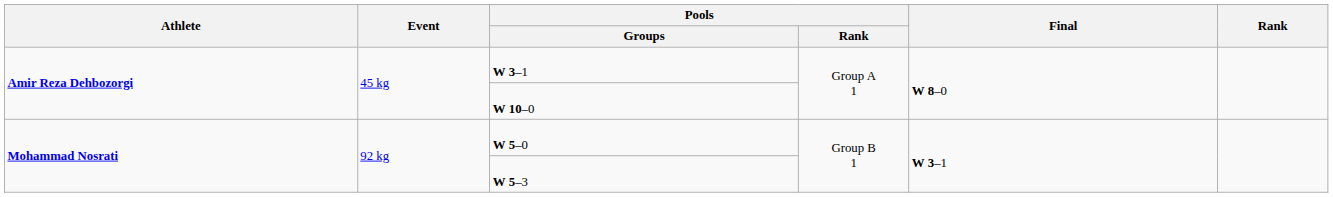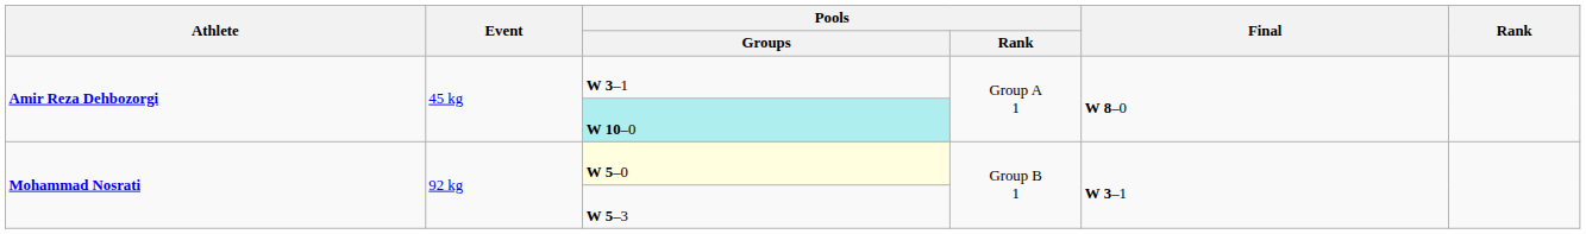 <table class="wikitable" width="75%" style="text-align:left; font-size:90%">
 <tr>
 <th rowspan="2" width="16%">Athlete</th>
 <th rowspan="2" width="6%">Event</th>
 <th colspan="2">Pools</th>
 <th rowspan="2" width="14%">Final</th>
 <th rowspan="2" width="5%">Rank</th>
 </tr>
 <tr>
 <th width="14%">Groups</th>
 <th width="5%">Rank</th>
 </tr>
 <tr>
 <td rowspan=2><strong><a href='#'>Amir Reza Dehbozorgi</a></strong></td>
 <td rowspan=2><a href='#'>45 kg</a></td>
 <td><br><strong>W</strong> <strong>3</strong>–1</td>
 <td rowspan=2 align=center>Group A<br>1 <strong></strong></td>
 <td rowspan=2><br><strong>W</strong> <strong>8</strong>–0</td>
 <td rowspan=2 align="center"></td>
 </tr>
 <tr>
-<td><br><strong>W</strong> <strong>10</strong>–0</td>
+<td style="background: paleturquoise;"><br><strong>W</strong> <strong>10</strong>–0</td>
 </tr>
 <tr>
 <td rowspan=2><strong><a href='#'>Mohammad Nosrati</a></strong></td>
 <td rowspan=2><a href='#'>92 kg</a></td>
-<td><br><strong>W</strong> <strong>5</strong>–0</td>
+<td style="background: lightyellow;"><br><strong>W</strong> <strong>5</strong>–0</td>
 <td rowspan=2 align=center>Group B<br>1 <strong></strong></td>
 <td rowspan=2><br><strong>W</strong> <strong>3</strong>–1</td>
 <td rowspan=2 align="center"></td>
 </tr>
 <tr>
 <td><br><strong>W</strong> <strong>5</strong>–3</td>
 </tr>
 </table>
